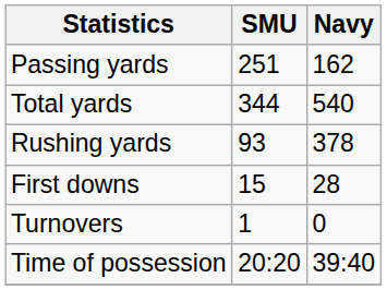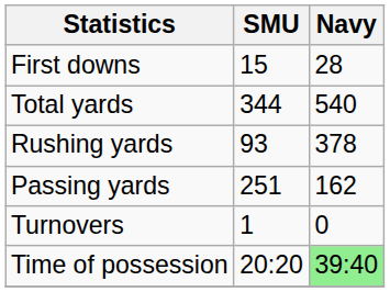 <table class="wikitable" style="float: right;">
 <tr>
 <th>Statistics</th>
 <th>SMU</th>
 <th>Navy</th>
 </tr>
 <tr>
-<td>Passing yards</td>
-<td>251</td>
-<td>162</td>
+<td>First downs</td>
+<td>15</td>
+<td>28</td>
 </tr>
 <tr>
 <td>Total yards</td>
 <td>344</td>
 <td>540</td>
 </tr>
 <tr>
 <td>Rushing yards</td>
 <td>93</td>
 <td>378</td>
 </tr>
 <tr>
-<td>First downs</td>
-<td>15</td>
-<td>28</td>
+<td>Passing yards</td>
+<td>251</td>
+<td>162</td>
 </tr>
 <tr>
 <td>Turnovers</td>
 <td>1</td>
 <td>0</td>
 </tr>
 <tr>
 <td>Time of possession</td>
 <td>20:20</td>
-<td>39:40</td>
+<td style="background: lightgreen;">39:40</td>
 </tr>
 <tr>
 </tr>
 </table>
